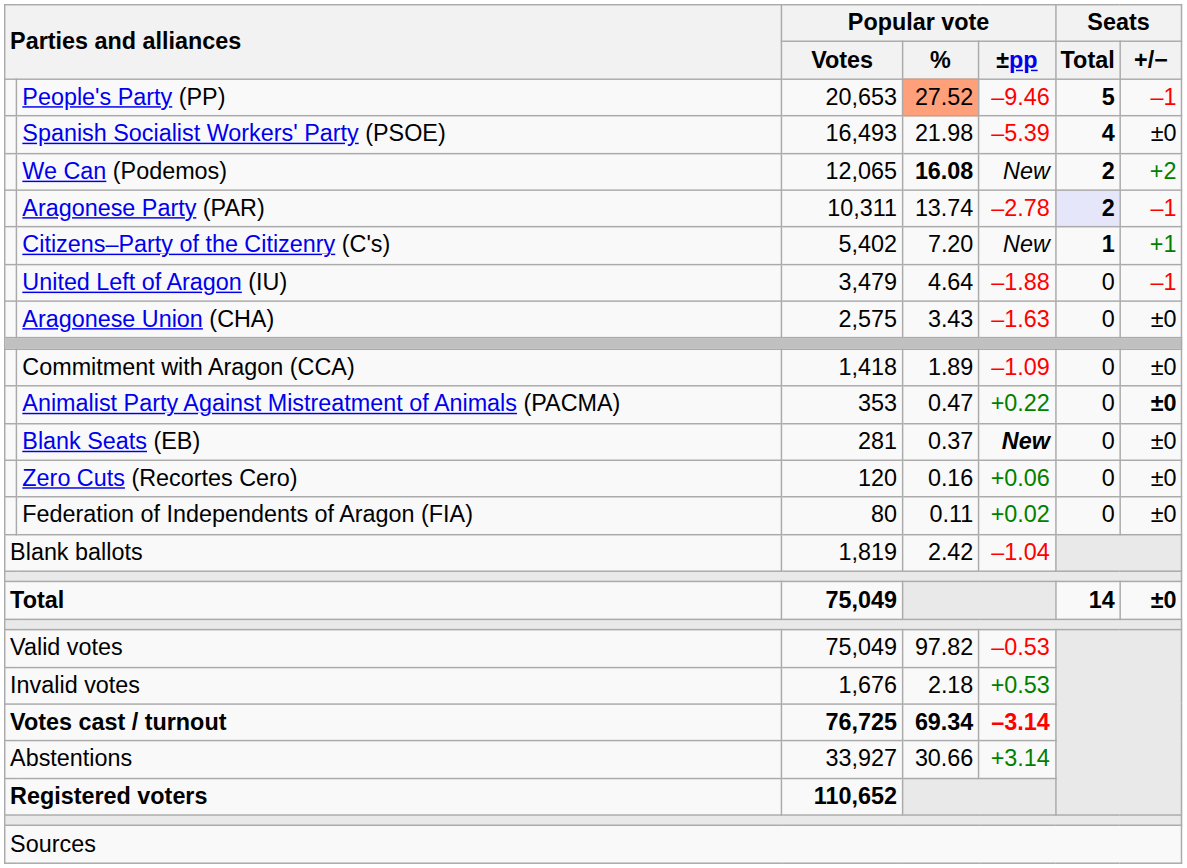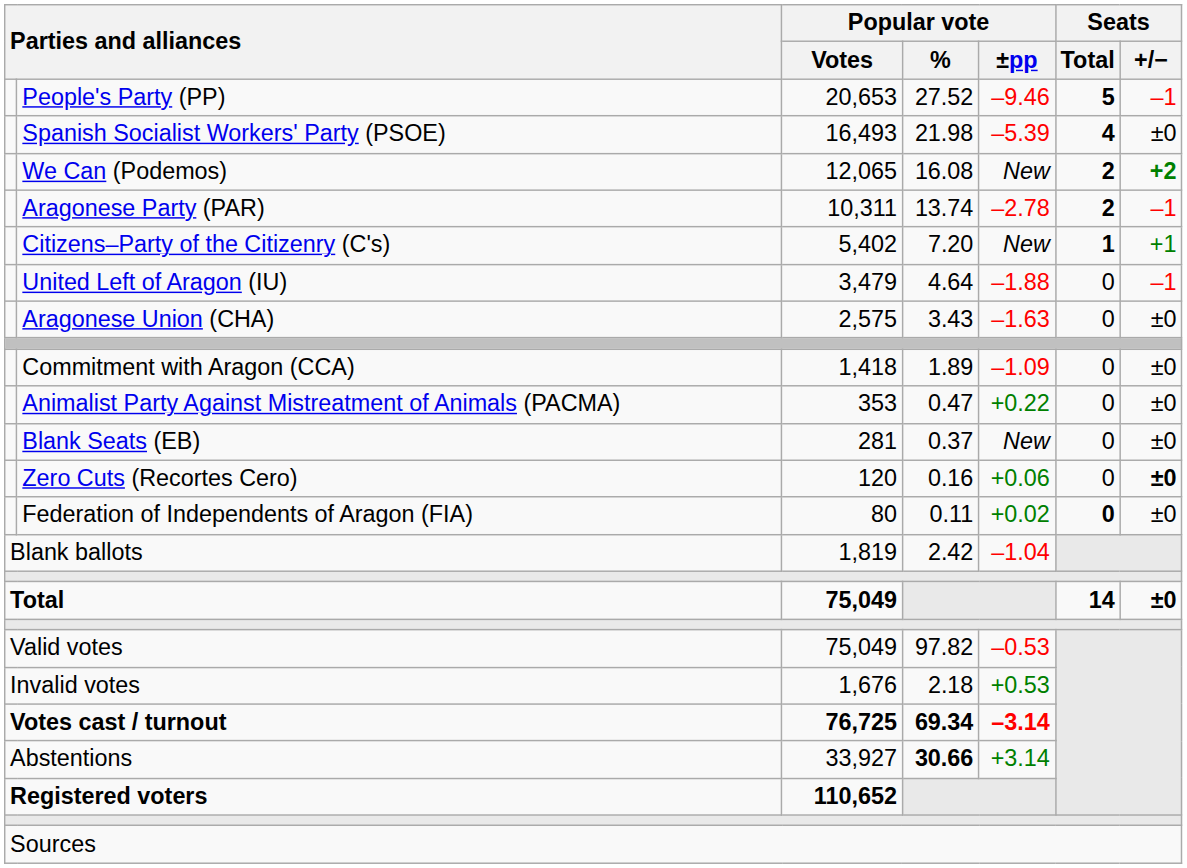 <table class="wikitable" style="text-align:right;">
 <tr>
 <th style="text-align:left;" rowspan="2" colspan="2" width="525">Parties and alliances</th>
 <th colspan="3">Popular vote</th>
 <th colspan="2">Seats</th>
 </tr>
 <tr>
 <th width="75">Votes</th>
 <th width="45">%</th>
 <th width="45">±<a href='#'>pp</a></th>
 <th width="35">Total</th>
 <th width="35">+/−</th>
 </tr>
 <tr>
 <td width="1" style="color:inherit;background:"></td>
 <td align="left"><a href='#'>People's Party</a> (PP)</td>
 <td>20,653</td>
-<td style="background: lightsalmon;">27.52</td>
+<td>27.52</td>
 <td style="color:red;">–9.46</td>
 <td><strong>5</strong></td>
 <td style="color:red;">–1</td>
 </tr>
 <tr>
 <td style="color:inherit;background:"></td>
 <td align="left"><a href='#'>Spanish Socialist Workers' Party</a> (PSOE)</td>
 <td>16,493</td>
 <td>21.98</td>
 <td style="color:red;">–5.39</td>
 <td><strong>4</strong></td>
 <td>±0</td>
 </tr>
 <tr>
 <td style="color:inherit;background:"></td>
 <td align="left"><a href='#'>We Can</a> (Podemos)</td>
 <td>12,065</td>
-<td><strong>16.08</strong></td>
+<td>16.08</td>
 <td><em>New</em></td>
 <td><strong>2</strong></td>
-<td style="color:green;">+2</td>
+<td style="color:green;"><strong>+2</strong></td>
 </tr>
 <tr>
 <td style="color:inherit;background:"></td>
 <td align="left"><a href='#'>Aragonese Party</a> (PAR)</td>
 <td>10,311</td>
 <td>13.74</td>
 <td style="color:red;">–2.78</td>
-<td style="background: lavender;"><strong>2</strong></td>
+<td><strong>2</strong></td>
 <td style="color:red;">–1</td>
 </tr>
 <tr>
 <td style="color:inherit;background:"></td>
 <td align="left"><a href='#'>Citizens–Party of the Citizenry</a> (C's)</td>
 <td>5,402</td>
 <td>7.20</td>
 <td><em>New</em></td>
 <td><strong>1</strong></td>
 <td style="color:green;">+1</td>
 </tr>
 <tr>
 <td style="color:inherit;background:"></td>
 <td align="left"><a href='#'>United Left of Aragon</a> (IU)</td>
 <td>3,479</td>
 <td>4.64</td>
 <td style="color:red;">–1.88</td>
 <td>0</td>
 <td style="color:red;">–1</td>
 </tr>
 <tr>
 <td style="color:inherit;background:"></td>
 <td align="left"><a href='#'>Aragonese Union</a> (CHA)</td>
 <td>2,575</td>
 <td>3.43</td>
 <td style="color:red;">–1.63</td>
 <td>0</td>
 <td>±0</td>
 </tr>
 <tr>
 <td colspan="7" bgcolor="#C0C0C0"></td>
 </tr>
 <tr>
 <td style="color:inherit;background:"></td>
 <td align="left">Commitment with Aragon (CCA)</td>
 <td>1,418</td>
 <td>1.89</td>
 <td style="color:red;">–1.09</td>
 <td>0</td>
 <td>±0</td>
 </tr>
 <tr>
 <td style="color:inherit;background:"></td>
 <td align="left"><a href='#'>Animalist Party Against Mistreatment of Animals</a> (PACMA)</td>
 <td>353</td>
 <td>0.47</td>
 <td style="color:green;">+0.22</td>
 <td>0</td>
-<td><strong>±0</strong></td>
+<td>±0</td>
 </tr>
 <tr>
 <td style="color:inherit;background:"></td>
 <td align="left"><a href='#'>Blank Seats</a> (EB)</td>
 <td>281</td>
 <td>0.37</td>
-<td><strong><em>New</em></strong></td>
+<td><em>New</em></td>
 <td>0</td>
 <td>±0</td>
 </tr>
 <tr>
 <td style="color:inherit;background:"></td>
 <td align="left"><a href='#'>Zero Cuts</a> (Recortes Cero)</td>
 <td>120</td>
 <td>0.16</td>
 <td style="color:green;">+0.06</td>
 <td>0</td>
-<td>±0</td>
+<td><strong>±0</strong></td>
 </tr>
 <tr>
 <td style="color:inherit;background:"></td>
 <td align="left">Federation of Independents of Aragon (FIA)</td>
 <td>80</td>
 <td>0.11</td>
 <td style="color:green;">+0.02</td>
-<td>0</td>
+<td><strong>0</strong></td>
 <td>±0</td>
 </tr>
 <tr>
 <td align="left" colspan="2">Blank ballots</td>
 <td>1,819</td>
 <td>2.42</td>
 <td style="color:red;">–1.04</td>
 <td bgcolor="#E9E9E9" colspan="2"></td>
 </tr>
 <tr>
 <td colspan="7" bgcolor="#E9E9E9"></td>
 </tr>
 <tr style="font-weight:bold;">
 <td align="left" colspan="2">Total</td>
 <td>75,049</td>
 <td bgcolor="#E9E9E9" colspan="2"></td>
 <td>14</td>
 <td>±0</td>
 </tr>
 <tr>
 <td colspan="7" bgcolor="#E9E9E9"></td>
 </tr>
 <tr>
 <td align="left" colspan="2">Valid votes</td>
 <td>75,049</td>
 <td>97.82</td>
 <td style="color:red;">–0.53</td>
 <td bgcolor="#E9E9E9" colspan="2" rowspan="5"></td>
 </tr>
 <tr>
 <td align="left" colspan="2">Invalid votes</td>
 <td>1,676</td>
 <td>2.18</td>
 <td style="color:green;">+0.53</td>
 </tr>
 <tr style="font-weight:bold;">
 <td align="left" colspan="2">Votes cast / turnout</td>
 <td>76,725</td>
 <td>69.34</td>
 <td style="color:red;">–3.14</td>
 </tr>
 <tr>
 <td align="left" colspan="2">Abstentions</td>
 <td>33,927</td>
-<td>30.66</td>
+<td><strong>30.66</strong></td>
 <td style="color:green;">+3.14</td>
 </tr>
 <tr style="font-weight:bold;">
 <td align="left" colspan="2">Registered voters</td>
 <td>110,652</td>
 <td bgcolor="#E9E9E9" colspan="2"></td>
 </tr>
 <tr>
 <td colspan="7" bgcolor="#E9E9E9"></td>
 </tr>
 <tr>
 <td align="left" colspan="7">Sources</td>
 </tr>
 </table>
